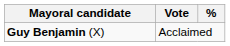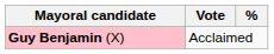 <table class="wikitable">
 <tr>
 <th bgcolor="#DDDDFF" width="200px">Mayoral candidate</th>
 <th bgcolor="#DDDDFF" width="50px">Vote</th>
 <th bgcolor="#DDDDFF"  width="30px">%</th>
 </tr>
 <tr>
-<td><strong>Guy Benjamin</strong> (X)</td>
+<td style="background: pink;"><strong>Guy Benjamin</strong> (X)</td>
 <td colspan="2">Acclaimed</td>
 </tr>
 </table>
